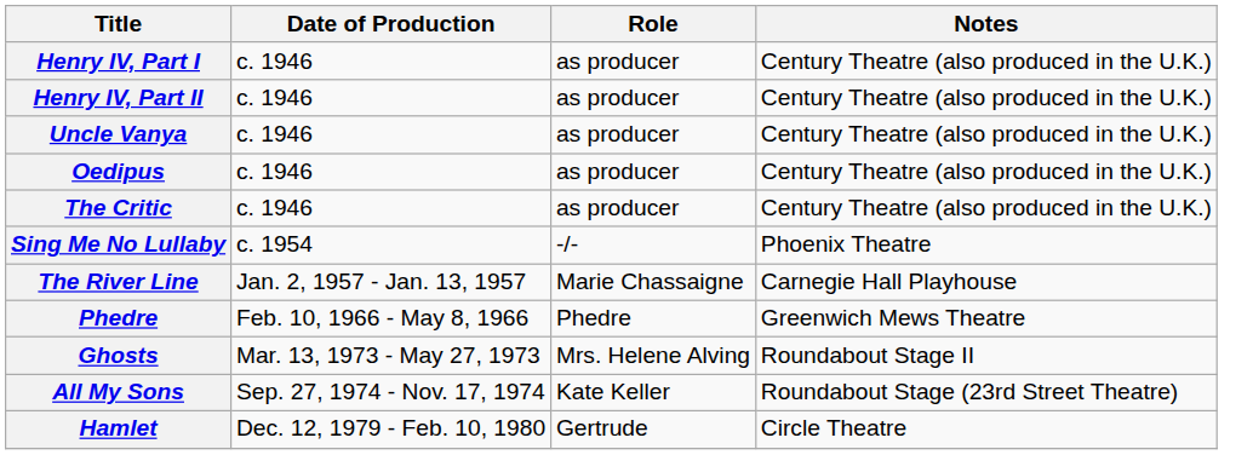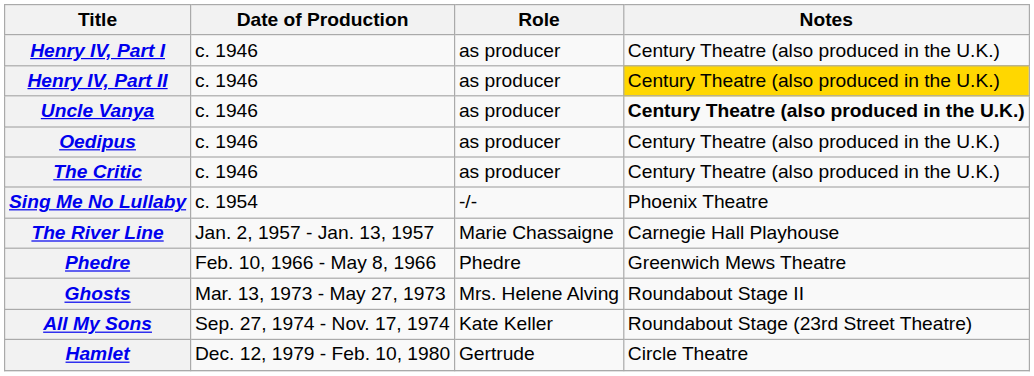 <table class="wikitable sortable plainrowheaders">
 <tr>
 <th scope="col">Title</th>
 <th scope="col">Date of Production</th>
 <th scope="col">Role</th>
 <th scope="col">Notes</th>
 </tr>
 <tr>
 <th scope="row"><em><a href='#'>Henry IV, Part I</a></em></th>
 <td>c. 1946</td>
 <td>as producer</td>
 <td>Century Theatre (also produced in the U.K.)</td>
 </tr>
 <tr>
 <th scope="row"><em><a href='#'>Henry IV, Part II</a></em></th>
 <td>c. 1946</td>
 <td>as producer</td>
-<td>Century Theatre (also produced in the U.K.)</td>
+<td style="background: gold;">Century Theatre (also produced in the U.K.)</td>
 </tr>
 <tr>
 <th scope="row"><em><a href='#'>Uncle Vanya</a></em></th>
 <td>c. 1946</td>
 <td>as producer</td>
-<td>Century Theatre (also produced in the U.K.)</td>
+<td><strong>Century Theatre (also produced in the U.K.)</strong></td>
 </tr>
 <tr>
 <th scope="row"><em><a href='#'>Oedipus</a></em></th>
 <td>c. 1946</td>
 <td>as producer</td>
 <td>Century Theatre (also produced in the U.K.)</td>
 </tr>
 <tr>
 <th scope="row"><em><a href='#'>The Critic</a></em></th>
 <td>c. 1946</td>
 <td>as producer</td>
 <td>Century Theatre (also produced in the U.K.)</td>
 </tr>
 <tr>
 <th scope="row"><em><a href='#'>Sing Me No Lullaby</a></em></th>
 <td>c. 1954</td>
 <td>-/-</td>
 <td>Phoenix Theatre</td>
 </tr>
 <tr>
 <th scope="row"><em><a href='#'>The River Line</a></em></th>
 <td>Jan. 2, 1957 - Jan. 13, 1957</td>
 <td>Marie Chassaigne</td>
 <td>Carnegie Hall Playhouse</td>
 </tr>
 <tr>
 <th scope="row"><em><a href='#'>Phedre</a></em></th>
 <td>Feb. 10, 1966 - May 8, 1966</td>
 <td>Phedre</td>
 <td>Greenwich Mews Theatre</td>
 </tr>
 <tr>
 <th scope="row"><em><a href='#'>Ghosts</a></em></th>
 <td>Mar. 13, 1973 - May 27, 1973</td>
 <td>Mrs. Helene Alving</td>
 <td>Roundabout Stage II</td>
 </tr>
 <tr>
 <th scope="row"><em><a href='#'>All My Sons</a></em></th>
 <td>Sep. 27, 1974 - Nov. 17, 1974</td>
 <td>Kate Keller</td>
 <td>Roundabout Stage (23rd Street Theatre)</td>
 </tr>
 <tr>
 <th scope="row"><em><a href='#'>Hamlet</a></em></th>
 <td>Dec. 12, 1979 - Feb. 10, 1980</td>
 <td>Gertrude</td>
 <td>Circle Theatre</td>
 </tr>
 <tr>
 </tr>
 </table>
